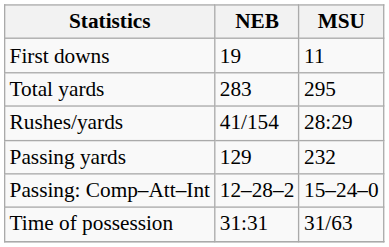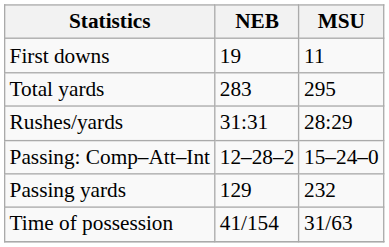 <table class="wikitable" style="float: left;">
 <tr>
 <th>Statistics</th>
 <th>NEB</th>
 <th>MSU</th>
 </tr>
 <tr>
 <td>First downs</td>
 <td>19</td>
 <td>11</td>
 </tr>
 <tr>
 <td>Total yards</td>
 <td>283</td>
 <td>295</td>
 </tr>
 <tr>
 <td>Rushes/yards</td>
-<td>41/154</td>
+<td>31:31</td>
 <td>28:29</td>
+</tr>
+<tr>
+<td>Passing: Comp–Att–Int</td>
+<td>12–28–2</td>
+<td>15–24–0</td>
 </tr>
 <tr>
 <td>Passing yards</td>
 <td>129</td>
 <td>232</td>
 </tr>
 <tr>
-<td>Passing: Comp–Att–Int</td>
-<td>12–28–2</td>
-<td>15–24–0</td>
-</tr>
-<tr>
 <td>Time of possession</td>
-<td>31:31</td>
+<td>41/154</td>
 <td>31/63</td>
 </tr>
 <tr>
 </tr>
 </table>
